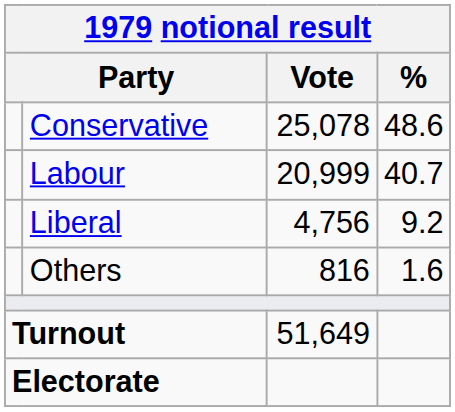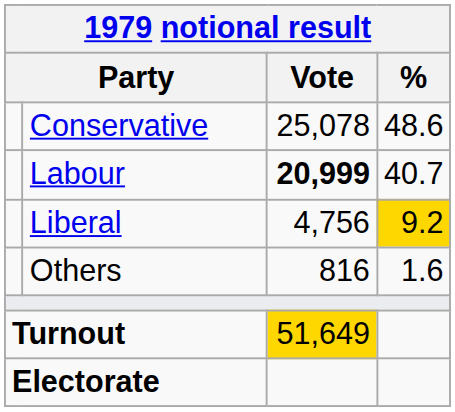 <table class="wikitable">
 <tr>
 <th colspan="4"><a href='#'>1979</a> <a href='#'>notional result</a></th>
 </tr>
 <tr>
 <th bgcolor="#DDDDFF" width="130px" colspan="2">Party</th>
 <th bgcolor="#DDDDFF" width="50px">Vote</th>
 <th bgcolor="#DDDDFF" width="30px">%</th>
 </tr>
 <tr>
 <td></td>
 <td><a href='#'>Conservative</a></td>
 <td align=right>25,078</td>
 <td align=right>48.6</td>
 </tr>
 <tr>
 <td></td>
 <td><a href='#'>Labour</a></td>
-<td align=right>20,999</td>
+<td align=right><strong>20,999</strong></td>
 <td align=right>40.7</td>
 </tr>
 <tr>
 <td></td>
 <td><a href='#'>Liberal</a></td>
 <td align=right>4,756</td>
-<td align=right>9.2</td>
+<td align=right style="background: gold;">9.2</td>
 </tr>
 <tr>
 <td></td>
 <td>Others</td>
 <td align=right>816</td>
 <td align=right>1.6</td>
 </tr>
 <tr>
 <td colspan="4" bgcolor="#EAECF0"></td>
 </tr>
 <tr>
 <td colspan="2"><strong>Turnout</strong></td>
-<td align=right>51,649</td>
+<td align=right style="background: gold;">51,649</td>
 <td align=right></td>
 </tr>
 <tr>
 <td colspan="2"><strong>Electorate</strong></td>
 <td align=right></td>
 </tr>
 </table>
